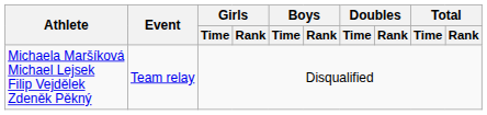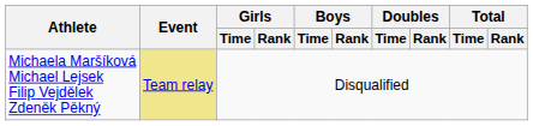 <table class="wikitable" style="font-size:90%">
 <tr>
 <th rowspan=2>Athlete</th>
 <th rowspan=2>Event</th>
 <th colspan=2>Girls</th>
 <th colspan=2>Boys</th>
 <th colspan=2>Doubles</th>
 <th colspan=2>Total</th>
 </tr>
 <tr style="font-size:95%">
 <th>Time</th>
 <th>Rank</th>
 <th>Time</th>
 <th>Rank</th>
 <th>Time</th>
 <th>Rank</th>
 <th>Time</th>
 <th>Rank</th>
 </tr>
 <tr align=center>
 <td align=left><a href='#'>Michaela Maršíková</a><br><a href='#'>Michael Lejsek</a><br><a href='#'>Filip Vejdělek</a><br><a href='#'>Zdeněk Pěkný</a></td>
-<td align=left><a href='#'>Team relay</a></td>
+<td align=left style="background: khaki;"><a href='#'>Team relay</a></td>
 <td colspan=8>Disqualified</td>
 </tr>
 </table>
